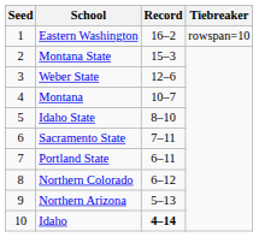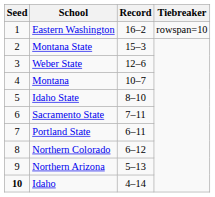 <table class="wikitable" style="white-space:nowrap; font-size:95%;text-align:center">
 <tr>
 <th>Seed</th>
 <th>School</th>
 <th>Record</th>
 <th>Tiebreaker</th>
 </tr>
 <tr>
 <td>1</td>
 <td align="left"><a href='#'>Eastern Washington</a></td>
 <td>16–2</td>
 <td> rowspan=10 </td>
 </tr>
 <tr>
 <td>2</td>
 <td align="left"><a href='#'>Montana State</a></td>
 <td>15–3<br></td>
 </tr>
 <tr>
 <td>3</td>
 <td align="left"><a href='#'>Weber State</a></td>
 <td>12–6<br></td>
 </tr>
 <tr>
 <td>4</td>
 <td align="left"><a href='#'>Montana</a></td>
 <td>10–7<br></td>
 </tr>
 <tr>
 <td>5</td>
 <td align="left"><a href='#'>Idaho State</a></td>
 <td>8–10<br></td>
 </tr>
 <tr>
 <td>6</td>
 <td align="left"><a href='#'>Sacramento State</a></td>
 <td>7–11<br></td>
 </tr>
 <tr>
 <td>7</td>
 <td align="left"><a href='#'>Portland State</a></td>
 <td>6–11<br></td>
 </tr>
 <tr>
 <td>8</td>
 <td align="left"><a href='#'>Northern Colorado</a></td>
 <td>6–12<br></td>
 </tr>
 <tr>
 <td>9</td>
 <td align="left"><a href='#'>Northern Arizona</a></td>
 <td>5–13<br></td>
 </tr>
 <tr>
-<td>10</td>
+<td><strong>10</strong></td>
 <td align="left"><a href='#'>Idaho</a></td>
-<td><strong>4–14<br></strong></td>
+<td>4–14<br></td>
 </tr>
 </table>
